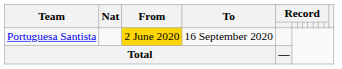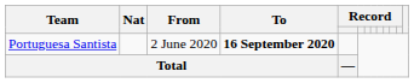 <table class="wikitable" style="text-align: center">
 <tr>
 <th rowspan="2">Team</th>
 <th rowspan="2">Nat</th>
 <th rowspan="2">From</th>
 <th rowspan="2">To</th>
 <th colspan="8">Record</th>
 <th rowspan=2></th>
 </tr>
 <tr>
 <th></th>
 <th></th>
 <th></th>
 <th></th>
 <th></th>
 <th></th>
 <th></th>
 <th></th>
 </tr>
 <tr>
 <td align=left><a href='#'>Portuguesa Santista</a></td>
 <td></td>
-<td align=left style="background: gold;">2 June 2020</td>
-<td align=left>16 September 2020<br></td>
+<td align=left>2 June 2020</td>
+<td align=left><strong>16 September 2020<br></strong></td>
 <td></td>
 </tr>
 <tr>
 <th colspan="4">Total<br></th>
 <th>—</th>
 </tr>
 </table>
